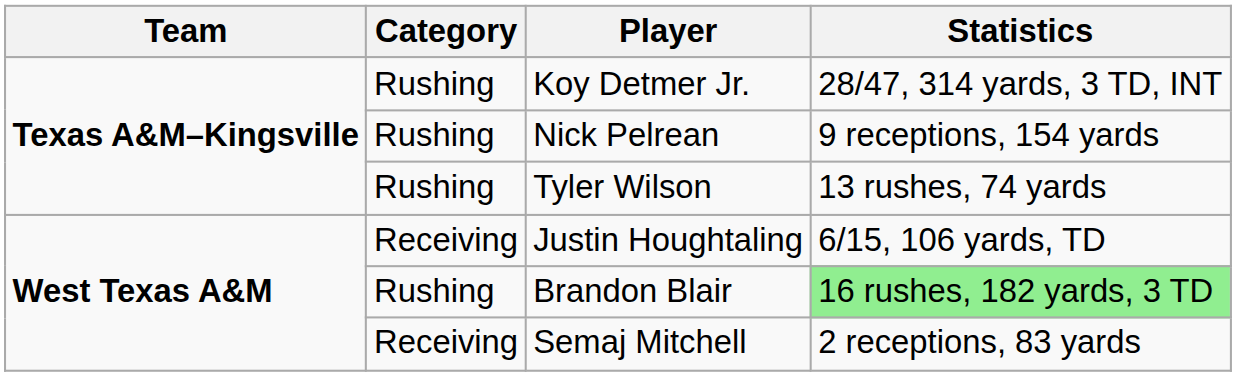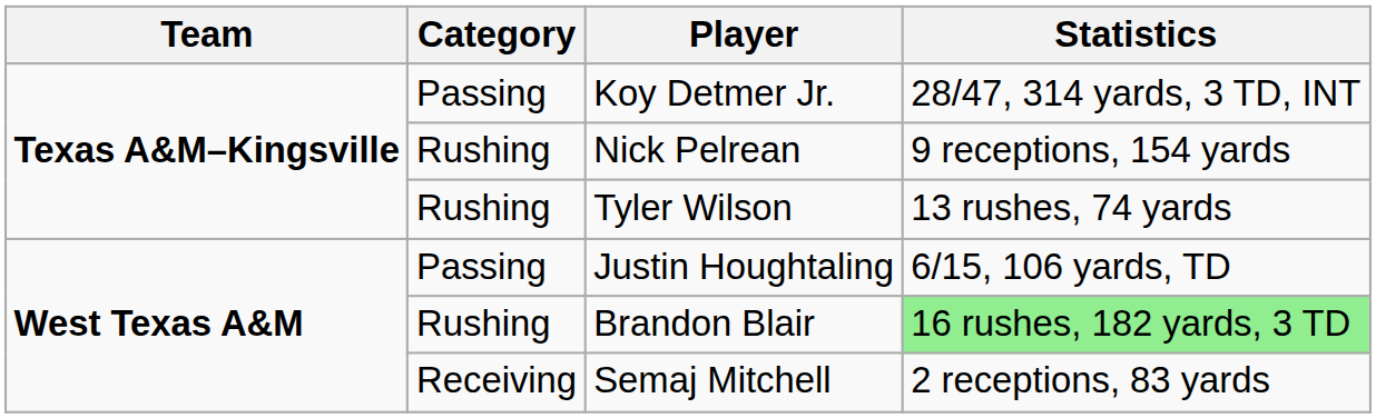 <table class="wikitable" style="float: left;">
 <tr>
 <th>Team</th>
 <th>Category</th>
 <th>Player</th>
 <th>Statistics</th>
 </tr>
 <tr>
 <td rowspan=3><strong>Texas A&M–Kingsville</strong></td>
-<td>Rushing</td>
+<td>Passing</td>
 <td>Koy Detmer Jr.</td>
 <td>28/47, 314 yards, 3 TD, INT</td>
 </tr>
 <tr>
 <td>Rushing</td>
 <td>Nick Pelrean</td>
 <td>9 receptions, 154 yards</td>
 </tr>
 <tr>
 <td>Rushing</td>
 <td>Tyler Wilson</td>
 <td>13 rushes, 74 yards</td>
 </tr>
 <tr>
 <td rowspan=3><strong>West Texas A&M</strong></td>
-<td>Receiving</td>
+<td>Passing</td>
 <td>Justin Houghtaling</td>
 <td>6/15, 106 yards, TD</td>
 </tr>
 <tr>
 <td>Rushing</td>
 <td>Brandon Blair</td>
 <td style="background: lightgreen;">16 rushes, 182 yards, 3 TD</td>
 </tr>
 <tr>
 <td>Receiving</td>
 <td>Semaj Mitchell</td>
 <td>2 receptions, 83 yards</td>
 </tr>
 </table>
